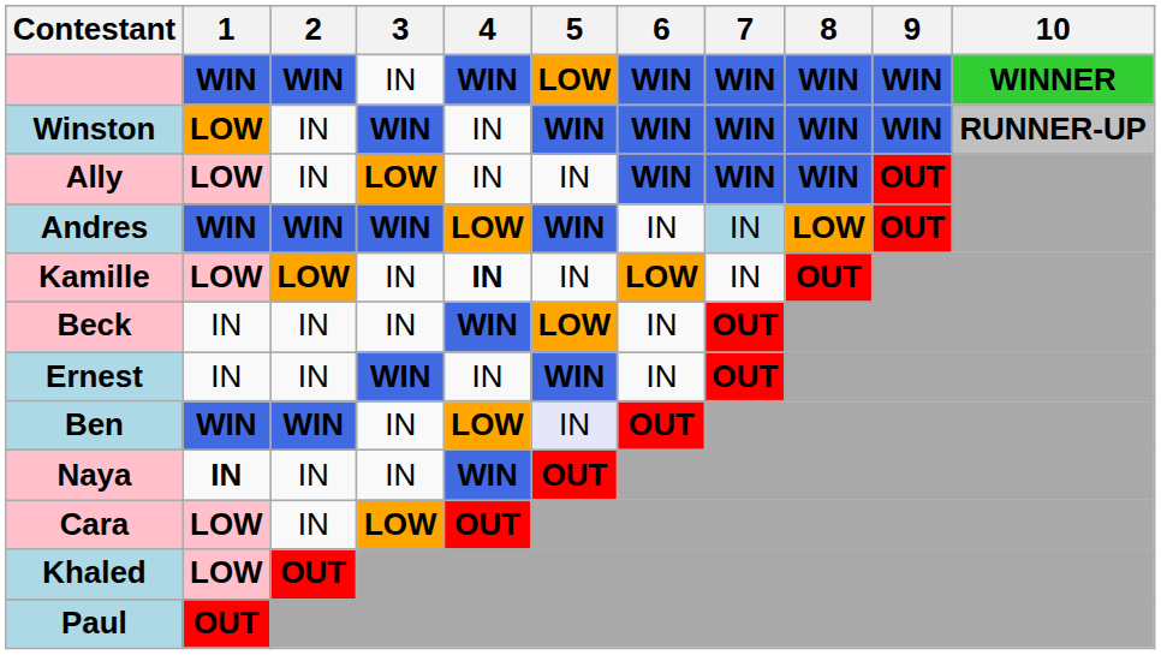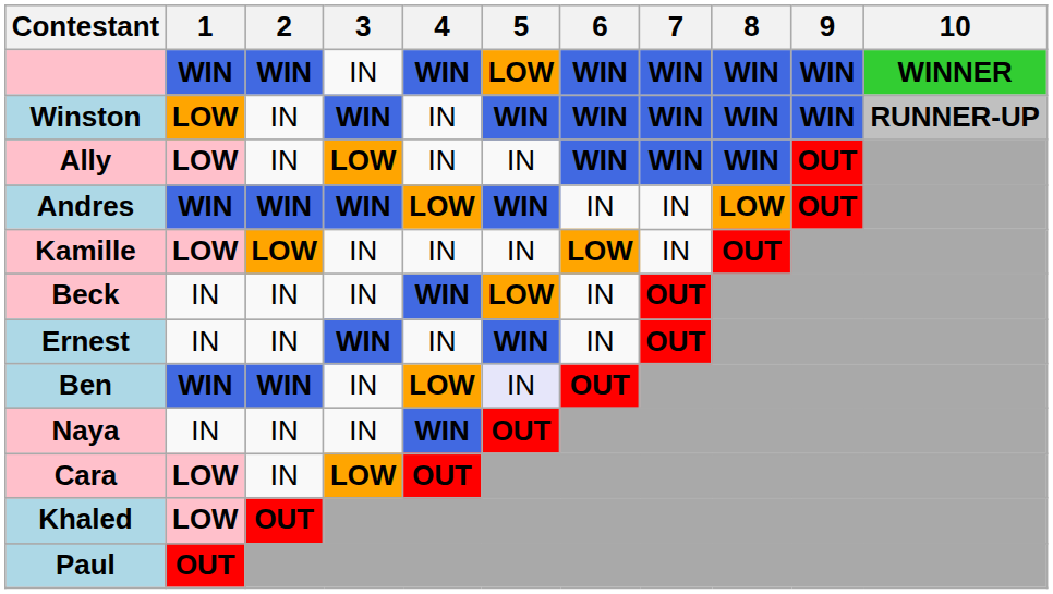 <table class="wikitable" style="text-align:center">
 <tr>
 <th>Contestant</th>
 <th>1</th>
 <th>2</th>
 <th>3</th>
 <th>4</th>
 <th>5</th>
 <th>6</th>
 <th>7</th>
 <th>8</th>
 <th>9</th>
 <th>10</th>
 </tr>
 <tr>
 <td style="background:pink;"><strong></strong></td>
 <td bgcolor="royalblue"><strong>WIN</strong></td>
 <td bgcolor="royalblue"><strong>WIN</strong></td>
 <td>IN</td>
 <td bgcolor="royalblue"><strong>WIN</strong></td>
 <td bgcolor="orange"><strong>LOW</strong></td>
 <td bgcolor="royalblue"><strong>WIN</strong></td>
 <td bgcolor="royalblue"><strong>WIN</strong></td>
 <td bgcolor="royalblue"><strong>WIN</strong></td>
 <td bgcolor="royalblue"><strong>WIN</strong></td>
 <td bgcolor="limegreen"><strong>WINNER</strong></td>
 </tr>
 <tr>
 <td style="background:lightblue;"><strong> Winston</strong></td>
 <td bgcolor="orange"><strong>LOW</strong></td>
 <td>IN</td>
 <td bgcolor="royalblue"><strong>WIN</strong></td>
 <td>IN</td>
 <td bgcolor="royalblue"><strong>WIN</strong></td>
 <td bgcolor="royalblue"><strong>WIN</strong></td>
 <td bgcolor="royalblue"><strong>WIN</strong></td>
 <td bgcolor="royalblue"><strong>WIN</strong></td>
 <td bgcolor="royalblue"><strong>WIN</strong></td>
 <td bgcolor="silver"><strong>RUNNER-UP</strong></td>
 </tr>
 <tr>
 <td style="background:pink;"><strong> Ally</strong></td>
 <td bgcolor="pink"><strong>LOW</strong></td>
 <td>IN</td>
 <td bgcolor="orange"><strong>LOW</strong></td>
 <td>IN</td>
 <td>IN</td>
 <td bgcolor="royalblue"><strong>WIN</strong></td>
 <td bgcolor="royalblue"><strong>WIN</strong></td>
 <td bgcolor="royalblue"><strong>WIN</strong></td>
 <td bgcolor="red"><strong>OUT</strong></td>
 <td colspan=9 style="background:darkgray;"></td>
 </tr>
 <tr>
 <td style="background:lightblue;"><strong> Andres</strong></td>
 <td bgcolor="royalblue"><strong>WIN</strong></td>
 <td bgcolor="royalblue"><strong>WIN</strong></td>
 <td bgcolor="royalblue"><strong>WIN</strong></td>
 <td bgcolor="orange"><strong>LOW</strong></td>
 <td bgcolor="royalblue"><strong>WIN</strong></td>
 <td>IN</td>
-<td style="background: lightblue;">IN</td>
+<td>IN</td>
 <td bgcolor="orange"><strong>LOW</strong></td>
 <td bgcolor="red"><strong>OUT</strong></td>
 <td colspan=9 style="background:darkgray;"></td>
 </tr>
 <tr>
 <td style="background:pink;"><strong> Kamille</strong></td>
 <td bgcolor="pink"><strong>LOW</strong></td>
 <td bgcolor="orange"><strong>LOW</strong></td>
 <td>IN</td>
-<td><strong>IN</strong></td>
+<td>IN</td>
 <td>IN</td>
 <td bgcolor="orange"><strong>LOW</strong></td>
 <td>IN</td>
 <td bgcolor="red"><strong>OUT</strong></td>
 <td colspan=9 style="background:darkgray;"></td>
 </tr>
 <tr>
 <td style="background:pink;"><strong> Beck</strong></td>
 <td>IN</td>
 <td>IN</td>
 <td>IN</td>
 <td bgcolor="royalblue"><strong>WIN</strong></td>
 <td bgcolor="orange"><strong>LOW</strong></td>
 <td>IN</td>
 <td bgcolor="red"><strong>OUT</strong></td>
 <td colspan=9 style="background:darkgray;"></td>
 </tr>
 <tr>
 <td style="background:lightblue;"><strong> Ernest</strong></td>
 <td>IN</td>
 <td>IN</td>
 <td bgcolor="royalblue"><strong>WIN</strong></td>
 <td>IN</td>
 <td bgcolor="royalblue"><strong>WIN</strong></td>
 <td>IN</td>
 <td bgcolor="red"><strong>OUT</strong></td>
 <td colspan=9 style="background:darkgray;"></td>
 </tr>
 <tr>
 <td style="background:lightblue;"><strong> Ben</strong></td>
 <td bgcolor="royalblue"><strong>WIN</strong></td>
 <td bgcolor="royalblue"><strong>WIN</strong></td>
 <td>IN</td>
 <td bgcolor="orange"><strong>LOW</strong></td>
 <td style="background: lavender;">IN</td>
 <td bgcolor="red"><strong>OUT</strong></td>
 <td colspan=9 style="background:darkgray;"></td>
 </tr>
 <tr>
 <td style="background:pink;"><strong> Naya</strong></td>
-<td><strong>IN</strong></td>
+<td>IN</td>
 <td>IN</td>
 <td>IN</td>
 <td bgcolor="royalblue"><strong>WIN</strong></td>
 <td bgcolor="red"><strong>OUT</strong></td>
 <td colspan=9 style="background:darkgray;"></td>
 </tr>
 <tr>
 <td style="background:pink;"><strong> Cara</strong></td>
 <td bgcolor="pink"><strong>LOW</strong></td>
 <td>IN</td>
 <td bgcolor="orange"><strong>LOW</strong></td>
 <td bgcolor="red"><strong>OUT</strong></td>
 <td colspan=9 style="background:darkgray;"></td>
 </tr>
 <tr>
 <td style="background:lightblue;"><strong> Khaled</strong></td>
 <td bgcolor="pink"><strong>LOW</strong></td>
 <td bgcolor="red"><strong>OUT</strong></td>
 <td colspan=9 style="background:darkgray;"></td>
 </tr>
 <tr>
 <td style="background:lightblue;"><strong> Paul</strong></td>
 <td bgcolor="red"><strong>OUT</strong></td>
 <td colspan=9 style="background:darkgray;"></td>
 </tr>
 </table>
